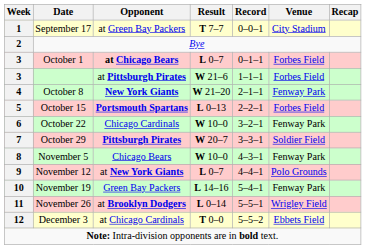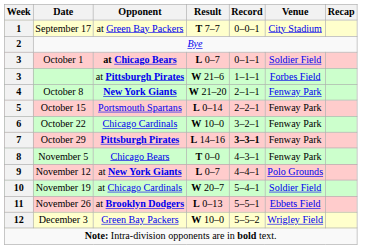 <table class="wikitable" style="text-align:center">
 <tr>
 <th>Week</th>
 <th>Date</th>
 <th>Opponent</th>
 <th>Result</th>
 <th>Record</th>
 <th>Venue</th>
 <th>Recap</th>
 </tr>
 <tr style="background:#ffc">
 <th>1</th>
 <td>September 17</td>
 <td>at <a href='#'>Green Bay Packers</a></td>
 <td><strong>T</strong> 7–7</td>
 <td>0–0–1</td>
 <td><a href='#'>City Stadium</a></td>
 <td></td>
 </tr>
 <tr>
 <th>2</th>
 <td colspan="6"><em><a href='#'>Bye</a></em></td>
 </tr>
 <tr style="background:#fcc">
 <th>3</th>
 <td>October 1</td>
 <td><strong>at <a href='#'>Chicago Bears</a></strong></td>
 <td><strong>L</strong> 0–7</td>
 <td>0–1–1</td>
-<td><a href='#'>Forbes Field</a></td>
+<td><a href='#'>Soldier Field</a></td>
 <td></td>
 </tr>
 <tr style="background:#cfc">
 <th>3</th>
 <td></td>
 <td>at <strong><a href='#'>Pittsburgh Pirates</a></strong></td>
 <td><strong>W</strong> 21–6</td>
 <td>1–1–1</td>
 <td><a href='#'>Forbes Field</a></td>
 <td></td>
 </tr>
 <tr style="background:#cfc">
 <th>4</th>
 <td>October 8</td>
 <td><strong><a href='#'>New York Giants</a></strong></td>
 <td><strong>W</strong> 21–20</td>
 <td>2–1–1</td>
 <td><a href='#'>Fenway Park</a></td>
 <td></td>
 </tr>
 <tr style="background:#fcc">
 <th>5</th>
 <td>October 15</td>
-<td><strong><a href='#'>Portsmouth Spartans</a></strong></td>
-<td><strong>L</strong> 0–13</td>
+<td><a href='#'>Portsmouth Spartans</a></td>
+<td><strong>L</strong> 0–14</td>
 <td>2–2–1</td>
-<td><a href='#'>Forbes Field</a></td>
+<td>Fenway Park</td>
 <td></td>
 </tr>
 <tr style="background:#cfc">
 <th>6</th>
 <td>October 22</td>
 <td><a href='#'>Chicago Cardinals</a></td>
 <td><strong>W</strong> 10–0</td>
 <td>3–2–1</td>
 <td>Fenway Park</td>
 <td></td>
 </tr>
 <tr style="background:#fcc">
 <th>7</th>
 <td>October 29</td>
 <td><strong><a href='#'>Pittsburgh Pirates</a></strong></td>
-<td><strong>W</strong> 20–7</td>
-<td>3–3–1</td>
-<td><a href='#'>Soldier Field</a></td>
+<td><strong>L</strong> 14–16</td>
+<td><strong>3–3–1</strong></td>
+<td>Fenway Park</td>
 <td></td>
 </tr>
 <tr style="background:#cfc">
 <th>8</th>
 <td>November 5</td>
 <td><a href='#'>Chicago Bears</a></td>
-<td><strong>W</strong> 10–0</td>
+<td><strong>T</strong> 0–0</td>
 <td>4–3–1</td>
 <td>Fenway Park</td>
 <td></td>
 </tr>
 <tr style="background:#fcc">
 <th>9</th>
 <td>November 12</td>
 <td>at <strong><a href='#'>New York Giants</a></strong></td>
 <td><strong>L</strong> 0–7</td>
 <td>4–4–1</td>
 <td><a href='#'>Polo Grounds</a></td>
 <td></td>
 </tr>
 <tr style="background:#cfc">
 <th>10</th>
 <td>November 19</td>
-<td><a href='#'>Green Bay Packers</a></td>
-<td><strong>L</strong> 14–16</td>
+<td>at <a href='#'>Chicago Cardinals</a></td>
+<td><strong>W</strong> 20–7</td>
 <td>5–4–1</td>
-<td>Fenway Park</td>
+<td><a href='#'>Soldier Field</a></td>
 <td></td>
 </tr>
 <tr style="background:#fcc">
 <th>11</th>
 <td>November 26</td>
 <td>at <strong><a href='#'>Brooklyn Dodgers</a></strong></td>
-<td><strong>L</strong> 0–14</td>
+<td><strong>L</strong> 0–13</td>
 <td>5–5–1</td>
-<td><a href='#'>Wrigley Field</a></td>
+<td><a href='#'>Ebbets Field</a></td>
 <td></td>
 </tr>
 <tr style="background:#ffc">
 <th>12</th>
 <td>December 3</td>
-<td>at <a href='#'>Chicago Cardinals</a></td>
-<td><strong>T</strong> 0–0</td>
+<td><a href='#'>Green Bay Packers</a></td>
+<td><strong>W</strong> 10–0</td>
 <td>5–5–2</td>
-<td><a href='#'>Ebbets Field</a></td>
+<td><a href='#'>Wrigley Field</a></td>
 <td></td>
 </tr>
 <tr>
 <td colspan="8"><strong>Note:</strong> Intra-division opponents are in <strong>bold</strong> text.</td>
 </tr>
 </table>
